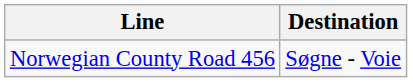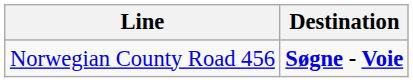 <table class="wikitable sortable">
 <tr>
 <th>Line</th>
 <th>Destination</th>
 </tr>
 <tr>
 <td><a href='#'>Norwegian County Road 456</a></td>
-<td><a href='#'>Søgne</a> - <a href='#'>Voie</a></td>
+<td><strong><a href='#'>Søgne</a> - <a href='#'>Voie</a></strong></td>
 </tr>
 </table>
